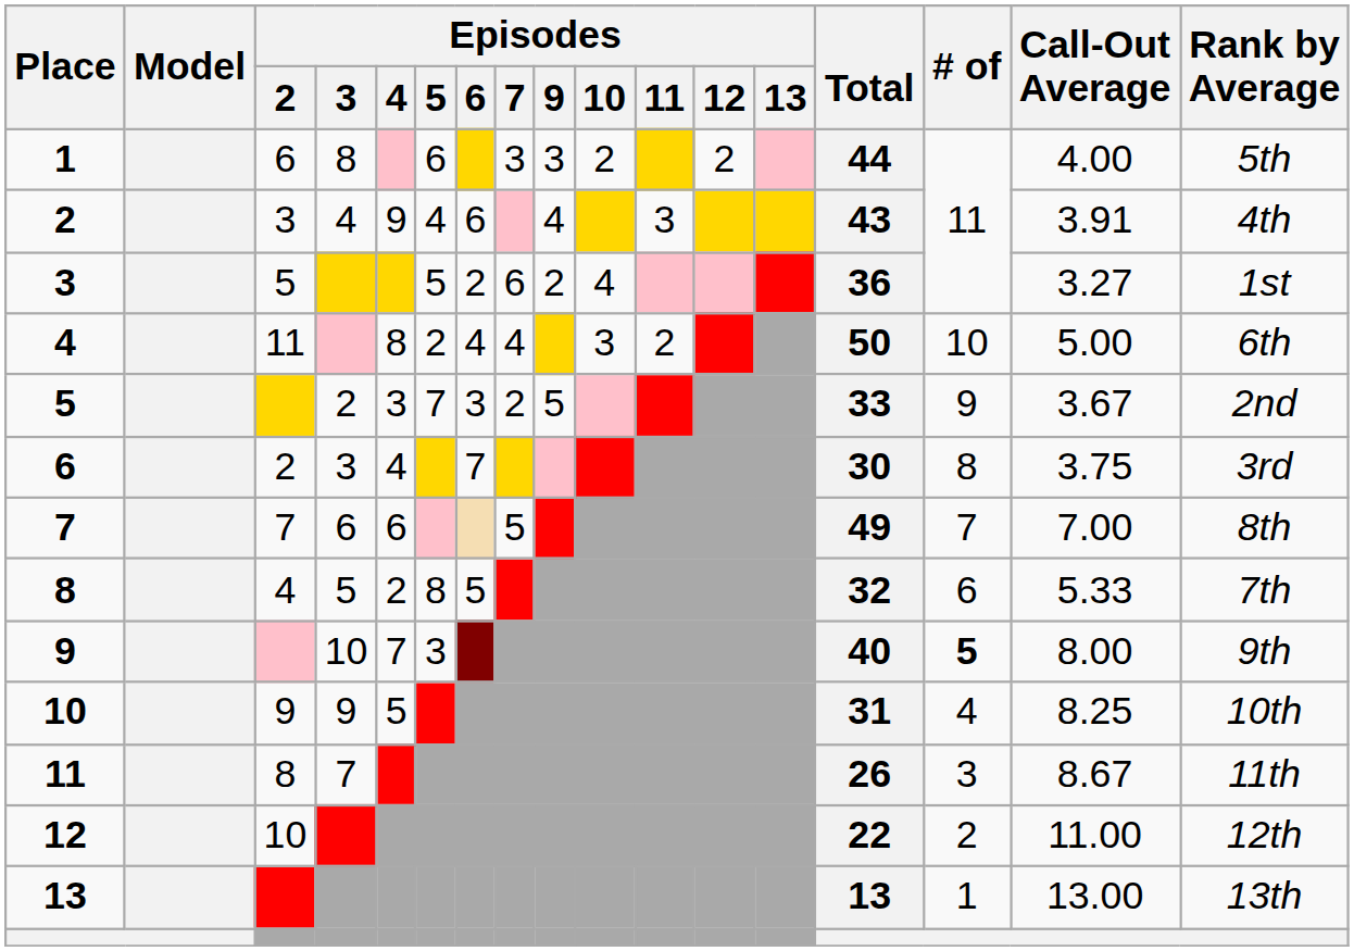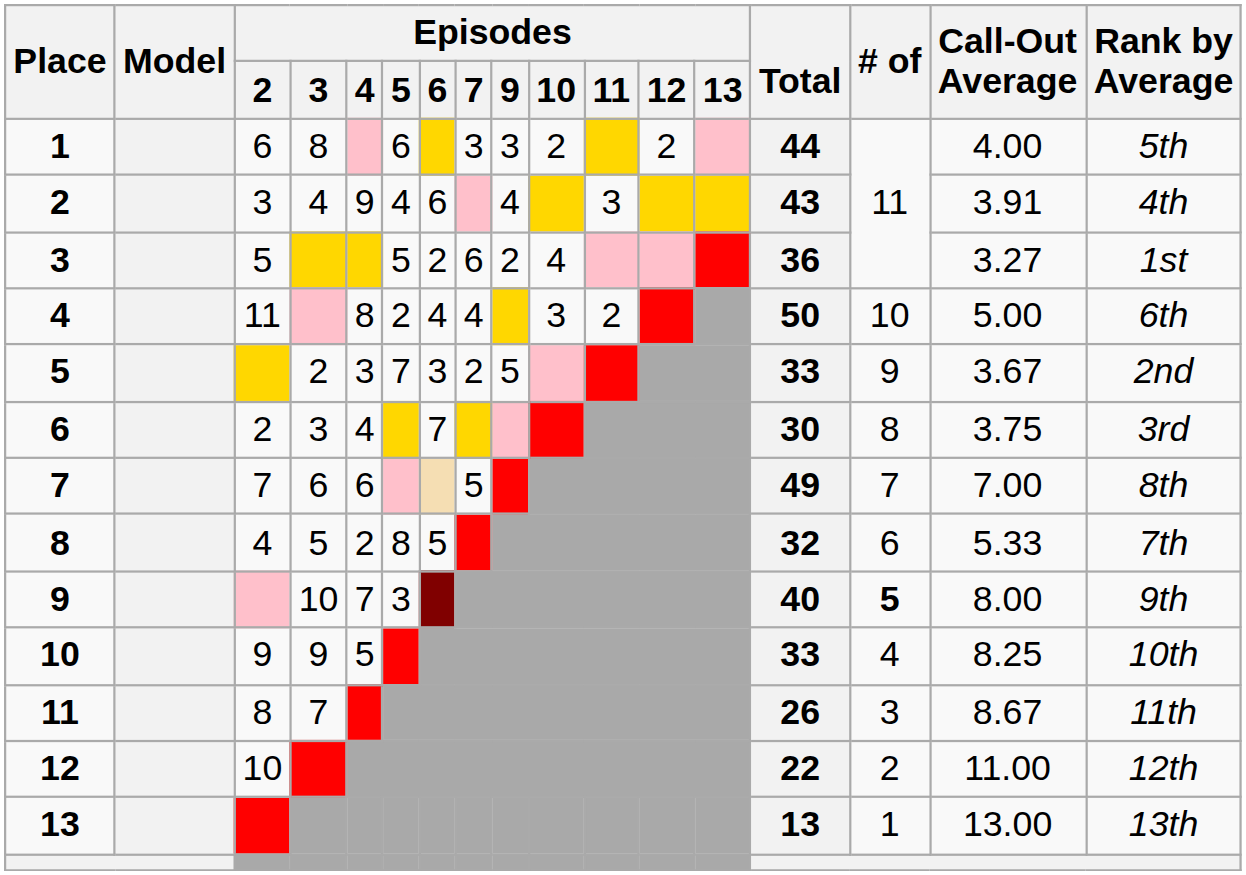 <table class="wikitable" style="text-align:center">
 <tr>
 <th rowspan=2>Place</th>
 <th rowspan=2>Model</th>
 <th colspan="11">Episodes</th>
 <th rowspan=2><br>Total</th>
 <th rowspan=2># of<br></th>
 <th rowspan=2>Call-Out<br>Average</th>
 <th rowspan=2>Rank by<br>Average</th>
 </tr>
 <tr>
 <th>2</th>
 <th>3</th>
 <th>4</th>
 <th>5</th>
 <th>6</th>
 <th>7</th>
 <th>9</th>
 <th>10</th>
 <th>11</th>
 <th>12</th>
 <th>13</th>
 </tr>
 <tr>
 <td><strong>1</strong></td>
 <th><strong></strong></th>
 <td>6</td>
 <td>8</td>
 <td style="background:pink;"></td>
 <td>6</td>
 <td style="background:gold;"></td>
 <td>3</td>
 <td>3</td>
 <td>2</td>
 <td style="background:gold;"></td>
 <td>2</td>
 <td style="background:pink;"></td>
 <th><strong>44</strong></th>
 <td rowspan=3>11</td>
 <td>4.00</td>
 <td><em>5th</em></td>
 </tr>
 <tr>
 <td><strong>2</strong></td>
 <th><strong></strong></th>
 <td>3</td>
 <td>4</td>
 <td>9</td>
 <td>4</td>
 <td>6</td>
 <td style="background:pink;"></td>
 <td>4</td>
 <td style="background:gold;"></td>
 <td>3</td>
 <td style="background:gold;"></td>
 <td style="background:gold;"></td>
 <th><strong>43</strong></th>
 <td>3.91</td>
 <td><em>4th</em></td>
 </tr>
 <tr>
 <td><strong>3</strong></td>
 <th><strong></strong></th>
 <td>5</td>
 <td style="background:gold;"></td>
 <td style="background:gold;"></td>
 <td>5</td>
 <td>2</td>
 <td>6</td>
 <td>2</td>
 <td>4</td>
 <td style="background:pink;"></td>
 <td style="background:pink;"></td>
 <td style="background:red;"></td>
 <th><strong>36</strong></th>
 <td>3.27</td>
 <td><em>1st</em></td>
 </tr>
 <tr>
 <td><strong>4</strong></td>
 <th><strong></strong></th>
 <td>11</td>
 <td style="background:pink;"></td>
 <td>8</td>
 <td>2</td>
 <td>4</td>
 <td>4</td>
 <td style="background:gold;"></td>
 <td>3</td>
 <td>2</td>
 <td style="background:red;"></td>
 <td style="background:darkgrey;" colspan="1"></td>
 <th><strong>50</strong></th>
 <td>10</td>
 <td>5.00</td>
 <td><em>6th</em></td>
 </tr>
 <tr>
 <td><strong>5</strong></td>
 <th><strong></strong></th>
 <td style="background:gold;"></td>
 <td>2</td>
 <td>3</td>
 <td>7</td>
 <td>3</td>
 <td>2</td>
 <td>5</td>
 <td style="background:pink;"></td>
 <td style="background:red;"></td>
 <td style="background:darkgrey;" colspan="2"></td>
 <th><strong>33</strong></th>
 <td>9</td>
 <td>3.67</td>
 <td><em>2nd</em></td>
 </tr>
 <tr>
 <td><strong>6</strong></td>
 <th><strong></strong></th>
 <td>2</td>
 <td>3</td>
 <td>4</td>
 <td style="background:gold;"></td>
 <td>7</td>
 <td style="background:gold;"></td>
 <td style="background:pink;"></td>
 <td style="background:red;"></td>
 <td style="background:darkgrey;" colspan="3"></td>
 <th><strong>30</strong></th>
 <td>8</td>
 <td>3.75</td>
 <td><em>3rd</em></td>
 </tr>
 <tr>
 <td><strong>7</strong></td>
 <th><strong></strong></th>
 <td>7</td>
 <td>6</td>
 <td>6</td>
 <td style="background:pink;"></td>
 <td style="background:wheat;"></td>
 <td>5</td>
 <td style="background:red;"></td>
 <td style="background:darkgrey;" colspan="4"></td>
 <th><strong>49</strong></th>
 <td>7</td>
 <td>7.00</td>
 <td><em>8th</em></td>
 </tr>
 <tr>
 <td><strong>8</strong></td>
 <th><strong></strong></th>
 <td>4</td>
 <td>5</td>
 <td>2</td>
 <td>8</td>
 <td>5</td>
 <td style="background:red;"></td>
 <td style="background:darkgrey;" colspan="5"></td>
 <th><strong>32</strong></th>
 <td>6</td>
 <td>5.33</td>
 <td><em>7th</em></td>
 </tr>
 <tr>
 <td><strong>9</strong></td>
 <th><strong></strong></th>
 <td style="background:pink;"></td>
 <td>10</td>
 <td>7</td>
 <td>3</td>
 <td style="background:maroon;"></td>
 <td style="background:darkgrey;" colspan="6"></td>
 <th><strong>40</strong></th>
 <td><strong>5</strong></td>
 <td>8.00</td>
 <td><em>9th</em></td>
 </tr>
 <tr>
 <td><strong>10</strong></td>
 <th><strong></strong></th>
 <td>9</td>
 <td>9</td>
 <td>5</td>
 <td style="background:red;"></td>
 <td style="background:darkgrey;" colspan="7"></td>
-<th><strong>31</strong></th>
+<th><strong>33</strong></th>
 <td>4</td>
 <td>8.25</td>
 <td><em>10th</em></td>
 </tr>
 <tr>
 <td><strong>11</strong></td>
 <th><strong></strong></th>
 <td>8</td>
 <td>7</td>
 <td style="background:red;"></td>
 <td style="background:darkgrey;" colspan="8"></td>
 <th><strong>26</strong></th>
 <td>3</td>
 <td>8.67</td>
 <td><em>11th</em></td>
 </tr>
 <tr>
 <td><strong>12</strong></td>
 <th><strong></strong></th>
 <td>10</td>
 <td style="background:red;"></td>
 <td style="background:darkgrey;" colspan="9"></td>
 <th><strong>22</strong></th>
 <td>2</td>
 <td>11.00</td>
 <td><em>12th</em></td>
 </tr>
 <tr>
 <td><strong>13</strong></td>
 <th><strong></strong></th>
 <td style="background:red;"></td>
 <td style="background:darkgrey;" colspan="1"></td>
 <td style="background:darkgrey;" colspan="1"></td>
 <td style="background:darkgrey;" colspan="1"></td>
 <td style="background:darkgrey;" colspan="1"></td>
 <td style="background:darkgrey;" colspan="1"></td>
 <td style="background:darkgrey;" colspan="1"></td>
 <td style="background:darkgrey;" colspan="1"></td>
 <td style="background:darkgrey;" colspan="1"></td>
 <td style="background:darkgrey;" colspan="1"></td>
 <td style="background:darkgrey;" colspan="1"></td>
 <th><strong>13</strong></th>
 <td>1</td>
 <td>13.00</td>
 <td><em>13th</em></td>
 </tr>
 <tr>
 <th colspan=2></th>
 <td style="background:darkgrey;" colspan="1"></td>
 <td style="background:darkgrey;" colspan="1"></td>
 <td style="background:darkgrey;" colspan="1"></td>
 <td style="background:darkgrey;" colspan="1"></td>
 <td style="background:darkgrey;" colspan="1"></td>
 <td style="background:darkgrey;" colspan="1"></td>
 <td style="background:darkgrey;" colspan="1"></td>
 <td style="background:darkgrey;" colspan="1"></td>
 <td style="background:darkgrey;" colspan="1"></td>
 <td style="background:darkgrey;" colspan="1"></td>
 <td style="background:darkgrey;" colspan="1"></td>
 <th colspan=4></th>
 </tr>
 </table>
